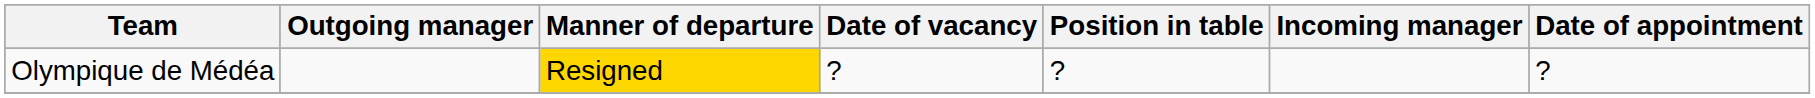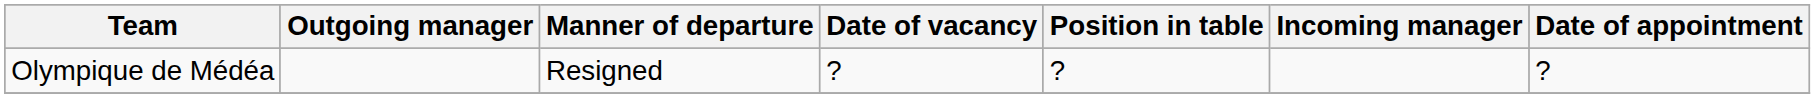 <table class="wikitable">
 <tr>
 <th>Team</th>
 <th>Outgoing manager</th>
 <th>Manner of departure</th>
 <th>Date of vacancy</th>
 <th>Position in table</th>
 <th>Incoming manager</th>
 <th>Date of appointment</th>
 </tr>
 <tr>
 <td>Olympique de Médéa</td>
 <td> </td>
-<td style="background: gold;">Resigned</td>
+<td>Resigned</td>
 <td>?</td>
 <td>?</td>
 <td> </td>
 <td>?</td>
 </tr>
 <tr>
 </tr>
 </table>
